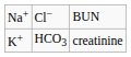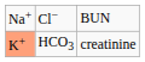 <table class="wikitable">
 <tr>
 <td>Na<sup>+</sup></td>
 <td>Cl<sup>−</sup></td>
 <td>BUN</td>
 </tr>
 <tr>
-<td>K<sup>+</sup></td>
+<td style="background: lightsalmon;">K<sup>+</sup></td>
 <td>HCO<sub>3</sub></td>
 <td>creatinine</td>
 </tr>
 </table>
